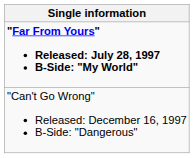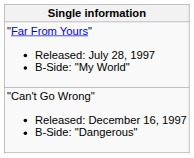 <table class="wikitable">
 <tr>
 <th>Single information</th>
 </tr>
 <tr>
-<td><strong>"<a href='#'>Far From Yours</a>"<br><ul><li>Released: July 28, 1997</li><li>B-Side: "My World"</li></ul></strong></td>
+<td>"<a href='#'>Far From Yours</a>"<br><ul><li>Released: July 28, 1997</li><li>B-Side: "My World"</li></ul></td>
 </tr>
 <tr>
 <td>"Can't Go Wrong"<br><ul><li>Released: December 16, 1997</li><li>B-Side: "Dangerous"</li></ul></td>
 </tr>
 </table>
